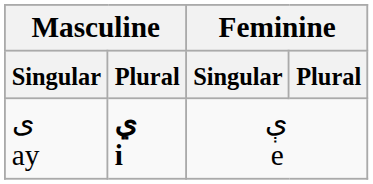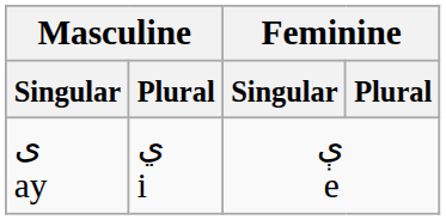 <table class="wikitable">
 <tr>
 <th colspan="2">Masculine</th>
 <th colspan="2">Feminine</th>
 </tr>
 <tr>
 <th><small>Singular</small></th>
 <th><small>Plural</small></th>
 <th><small>Singular</small></th>
 <th><small>Plural</small></th>
 </tr>
 <tr>
 <td>ی<br>ay</td>
-<td><strong>ي<br>i</strong></td>
+<td>ي<br>i</td>
 <td colspan="2" style="text-align: center;">ې<br>e</td>
 </tr>
 </table>
